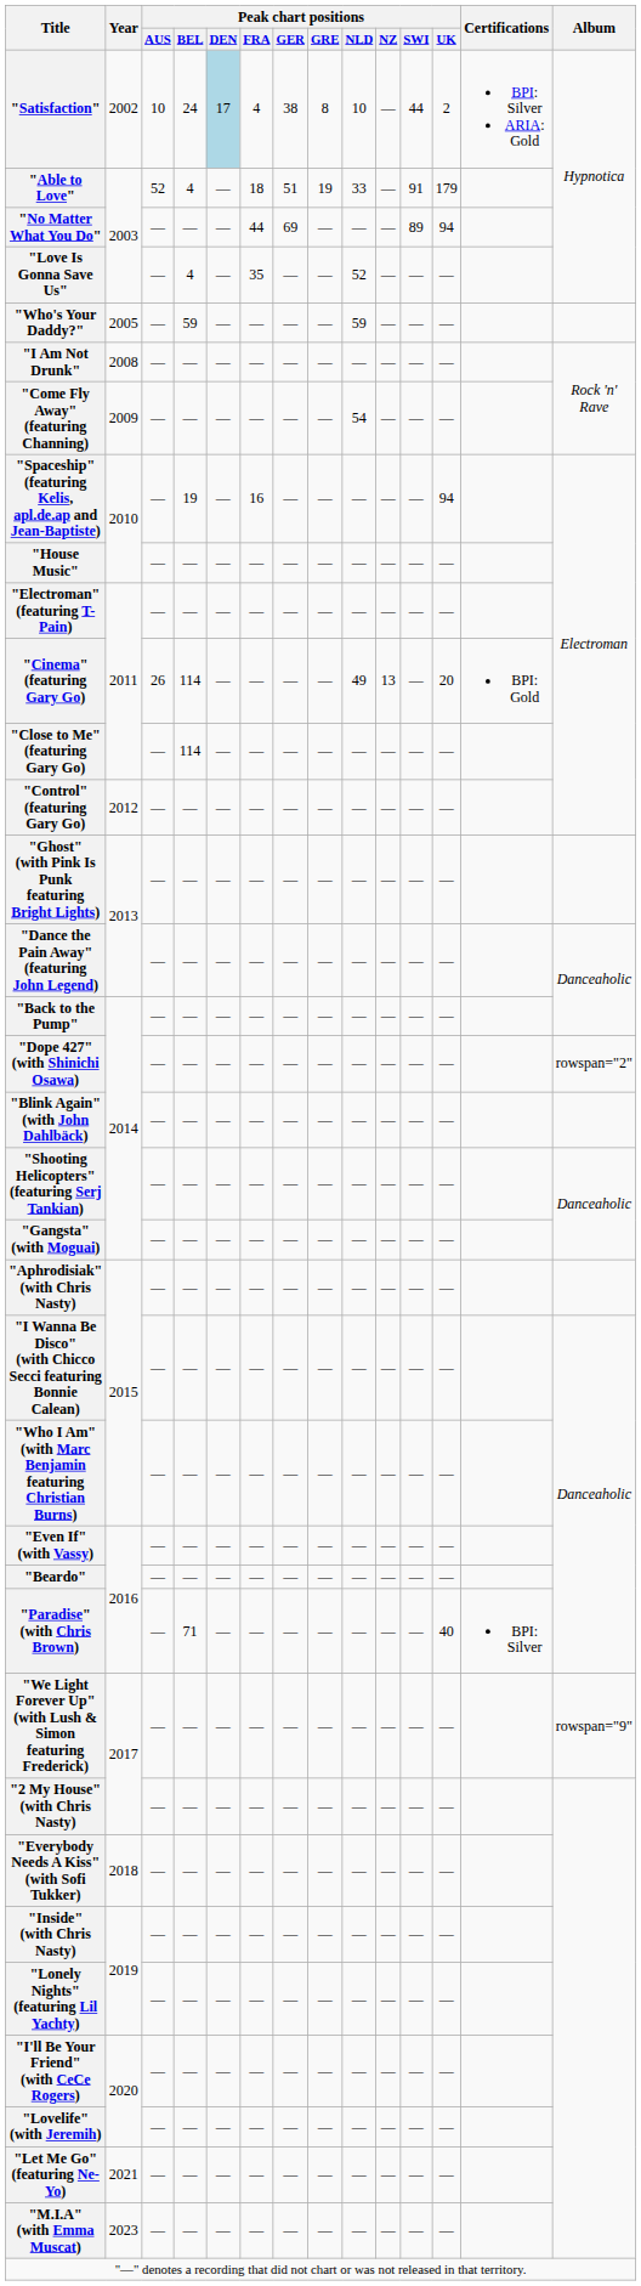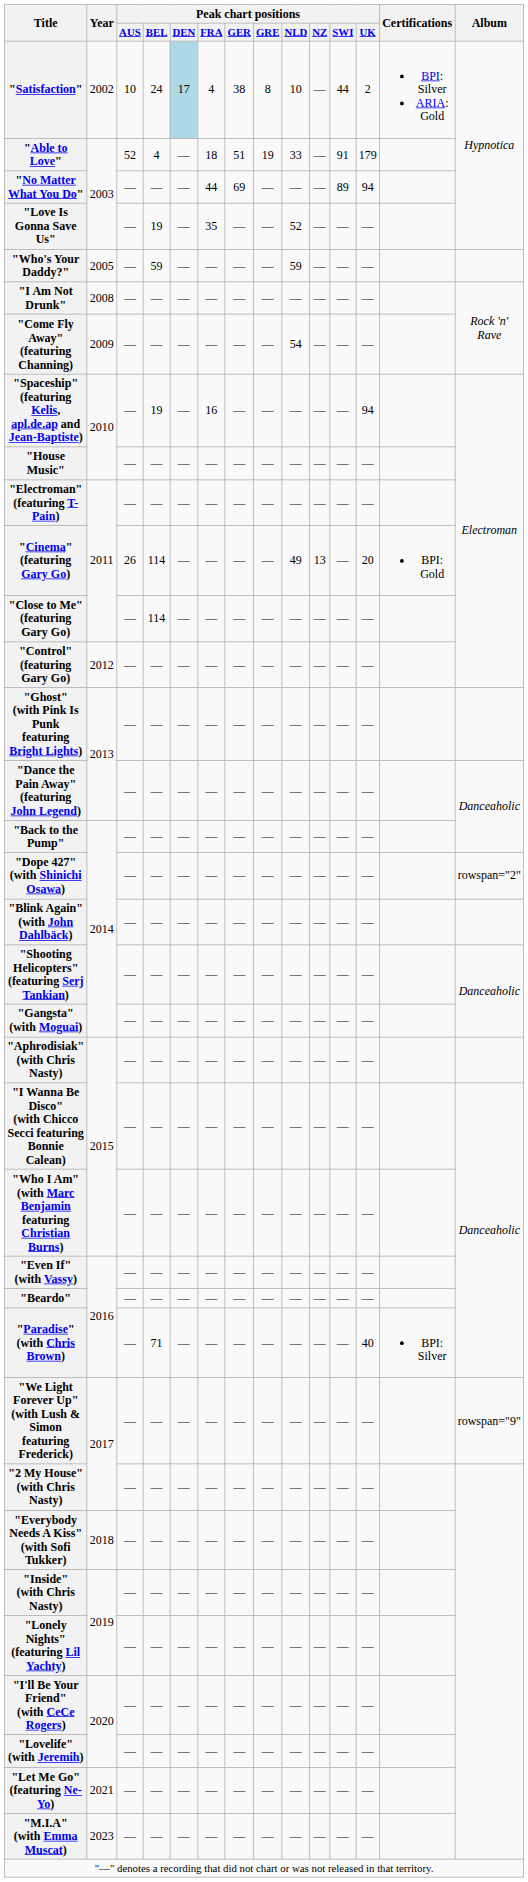 <table class="wikitable plainrowheaders" style="text-align:center;" border="1">
 <tr>
 <th scope="col" rowspan="2" style="width:20em;">Title</th>
 <th scope="col" rowspan="2" style="width:1em;">Year</th>
 <th scope="col" colspan="10">Peak chart positions</th>
 <th scope="col" rowspan="2">Certifications</th>
 <th scope="col" rowspan="2" style="width:18em;">Album</th>
 </tr>
 <tr>
 <th scope="col" style="width:2.5em;font-size:90%;"><a href='#'>AUS</a><br></th>
 <th scope="col" style="width:2.5em;font-size:90%;"><a href='#'>BEL</a><br></th>
 <th scope="col" style="width:2.5em;font-size:90%;"><a href='#'>DEN</a><br></th>
 <th scope="col" style="width:2.5em;font-size:90%;"><a href='#'>FRA</a><br></th>
 <th scope="col" style="width:2.5em;font-size:90%;"><a href='#'>GER</a><br></th>
 <th scope="col" style="width:2.5em;font-size:90%;"><a href='#'>GRE</a></th>
 <th scope="col" style="width:2.5em;font-size:90%;"><a href='#'>NLD</a><br></th>
 <th scope="col" style="width:2.5em;font-size:90%;"><a href='#'>NZ</a><br></th>
 <th scope="col" style="width:2.5em;font-size:90%;"><a href='#'>SWI</a><br></th>
 <th scope="col" style="width:2.5em;font-size:90%;"><a href='#'>UK</a><br></th>
 </tr>
 <tr>
 <th scope="row">"<a href='#'>Satisfaction</a>"</th>
 <td>2002</td>
 <td>10</td>
 <td>24</td>
 <td style="background: lightblue;">17</td>
 <td>4</td>
 <td>38</td>
 <td>8</td>
 <td>10</td>
 <td>—</td>
 <td>44</td>
 <td>2</td>
 <td><br><ul><li><a href='#'>BPI</a>: Silver</li><li><a href='#'>ARIA</a>: Gold</li></ul></td>
 <td rowspan="4"><em>Hypnotica</em></td>
 </tr>
 <tr>
 <th scope="row">"<a href='#'>Able to Love</a>"</th>
 <td rowspan="3">2003</td>
 <td>52</td>
 <td>4</td>
 <td>—</td>
 <td>18</td>
 <td>51</td>
 <td>19</td>
 <td>33</td>
 <td>—</td>
 <td>91</td>
 <td>179</td>
 <td></td>
 </tr>
 <tr>
 <th scope="row">"<a href='#'>No Matter What You Do</a>"</th>
 <td>—</td>
 <td>—</td>
 <td>—</td>
 <td>44</td>
 <td>69</td>
 <td>—</td>
 <td>—</td>
 <td>—</td>
 <td>89</td>
 <td>94</td>
 <td></td>
 </tr>
 <tr>
 <th scope="row">"Love Is Gonna Save Us"</th>
 <td>—</td>
-<td>4</td>
+<td>19</td>
 <td>—</td>
 <td>35</td>
 <td>—</td>
 <td>—</td>
 <td>52</td>
 <td>—</td>
 <td>—</td>
 <td>—</td>
 <td></td>
 </tr>
 <tr>
 <th scope="row">"Who's Your Daddy?"</th>
 <td>2005</td>
 <td>—</td>
 <td>59</td>
 <td>—</td>
 <td>—</td>
 <td>—</td>
 <td>—</td>
 <td>59</td>
 <td>—</td>
 <td>—</td>
 <td>—</td>
 <td></td>
 <td></td>
 </tr>
 <tr>
 <th scope="row">"I Am Not Drunk"</th>
 <td>2008</td>
 <td>—</td>
 <td>—</td>
 <td>—</td>
 <td>—</td>
 <td>—</td>
 <td>—</td>
 <td>—</td>
 <td>—</td>
 <td>—</td>
 <td>—</td>
 <td></td>
 <td rowspan="2"><em>Rock 'n' Rave</em></td>
 </tr>
 <tr>
 <th scope="row">"Come Fly Away" <br><span>(featuring Channing)</span></th>
 <td>2009</td>
 <td>—</td>
 <td>—</td>
 <td>—</td>
 <td>—</td>
 <td>—</td>
 <td>—</td>
 <td>54</td>
 <td>—</td>
 <td>—</td>
 <td>—</td>
 <td></td>
 </tr>
 <tr>
 <th scope="row">"Spaceship" <br><span>(featuring <a href='#'>Kelis</a>, <a href='#'>apl.de.ap</a> and <a href='#'>Jean-Baptiste</a>)</span></th>
 <td rowspan="2">2010</td>
 <td>—</td>
 <td>19</td>
 <td>—</td>
 <td>16</td>
 <td>—</td>
 <td>—</td>
 <td>—</td>
 <td>—</td>
 <td>—</td>
 <td>94</td>
 <td></td>
 <td rowspan="6"><em>Electroman</em></td>
 </tr>
 <tr>
 <th scope="row">"House Music"</th>
 <td>—</td>
 <td>—</td>
 <td>—</td>
 <td>—</td>
 <td>—</td>
 <td>—</td>
 <td>—</td>
 <td>—</td>
 <td>—</td>
 <td>—</td>
 <td></td>
 </tr>
 <tr>
 <th scope="row">"Electroman" <br><span>(featuring <a href='#'>T-Pain</a>)</span></th>
 <td rowspan="3">2011</td>
 <td>—</td>
 <td>—</td>
 <td>—</td>
 <td>—</td>
 <td>—</td>
 <td>—</td>
 <td>—</td>
 <td>—</td>
 <td>—</td>
 <td>—</td>
 <td></td>
 </tr>
 <tr>
 <th scope="row">"<a href='#'>Cinema</a>" <br><span>(featuring <a href='#'>Gary Go</a>)</span></th>
 <td>26</td>
 <td>114</td>
 <td>—</td>
 <td>—</td>
 <td>—</td>
 <td>—</td>
 <td>49</td>
 <td>13</td>
 <td>—</td>
 <td>20</td>
 <td><br><ul><li>BPI: Gold</li></ul></td>
 </tr>
 <tr>
 <th scope="row">"Close to Me" <br><span>(featuring Gary Go)</span></th>
 <td>—</td>
 <td>114</td>
 <td>—</td>
 <td>—</td>
 <td>—</td>
 <td>—</td>
 <td>—</td>
 <td>—</td>
 <td>—</td>
 <td>—</td>
 <td></td>
 </tr>
 <tr>
 <th scope="row">"Control" <br><span>(featuring Gary Go)</span></th>
 <td>2012</td>
 <td>—</td>
 <td>—</td>
 <td>—</td>
 <td>—</td>
 <td>—</td>
 <td>—</td>
 <td>—</td>
 <td>—</td>
 <td>—</td>
 <td>—</td>
 <td></td>
 </tr>
 <tr>
 <th scope="row">"Ghost" <br><span>(with Pink Is Punk featuring <a href='#'>Bright Lights</a>)</span></th>
 <td rowspan="2">2013</td>
 <td>—</td>
 <td>—</td>
 <td>—</td>
 <td>—</td>
 <td>—</td>
 <td>—</td>
 <td>—</td>
 <td>—</td>
 <td>—</td>
 <td>—</td>
 <td></td>
 <td></td>
 </tr>
 <tr>
 <th scope="row">"Dance the Pain Away" <br><span>(featuring <a href='#'>John Legend</a>)</span></th>
 <td>—</td>
 <td>—</td>
 <td>—</td>
 <td>—</td>
 <td>—</td>
 <td>—</td>
 <td>—</td>
 <td>—</td>
 <td>—</td>
 <td>—</td>
 <td></td>
 <td rowspan="2"><em>Danceaholic</em></td>
 </tr>
 <tr>
 <th scope="row">"Back to the Pump"</th>
 <td rowspan="5">2014</td>
 <td>—</td>
 <td>—</td>
 <td>—</td>
 <td>—</td>
 <td>—</td>
 <td>—</td>
 <td>—</td>
 <td>—</td>
 <td>—</td>
 <td>—</td>
 <td></td>
 </tr>
 <tr>
 <th scope="row">"Dope 427" <br><span>(with <a href='#'>Shinichi Osawa</a>)</span></th>
 <td>—</td>
 <td>—</td>
 <td>—</td>
 <td>—</td>
 <td>—</td>
 <td>—</td>
 <td>—</td>
 <td>—</td>
 <td>—</td>
 <td>—</td>
 <td></td>
 <td>rowspan="2" </td>
 </tr>
 <tr>
 <th scope="row">"Blink Again" <br><span>(with <a href='#'>John Dahlbäck</a>)</span></th>
 <td>—</td>
 <td>—</td>
 <td>—</td>
 <td>—</td>
 <td>—</td>
 <td>—</td>
 <td>—</td>
 <td>—</td>
 <td>—</td>
 <td>—</td>
 <td></td>
 </tr>
 <tr>
 <th scope="row">"Shooting Helicopters" <br><span>(featuring <a href='#'>Serj Tankian</a>)</span></th>
 <td>—</td>
 <td>—</td>
 <td>—</td>
 <td>—</td>
 <td>—</td>
 <td>—</td>
 <td>—</td>
 <td>—</td>
 <td>—</td>
 <td>—</td>
 <td></td>
 <td rowspan="2"><em>Danceaholic</em></td>
 </tr>
 <tr>
 <th scope="row">"Gangsta" <br><span>(with <a href='#'>Moguai</a>)</span></th>
 <td>—</td>
 <td>—</td>
 <td>—</td>
 <td>—</td>
 <td>—</td>
 <td>—</td>
 <td>—</td>
 <td>—</td>
 <td>—</td>
 <td>—</td>
 <td></td>
 </tr>
 <tr>
 <th scope="row">"Aphrodisiak" <br><span>(with Chris Nasty)</span></th>
 <td rowspan="3">2015</td>
 <td>—</td>
 <td>—</td>
 <td>—</td>
 <td>—</td>
 <td>—</td>
 <td>—</td>
 <td>—</td>
 <td>—</td>
 <td>—</td>
 <td>—</td>
 <td></td>
 <td></td>
 </tr>
 <tr>
 <th scope="row">"I Wanna Be Disco" <br><span>(with Chicco Secci featuring Bonnie Calean)</span></th>
 <td>—</td>
 <td>—</td>
 <td>—</td>
 <td>—</td>
 <td>—</td>
 <td>—</td>
 <td>—</td>
 <td>—</td>
 <td>—</td>
 <td>—</td>
 <td></td>
 <td rowspan="5"><em>Danceaholic</em></td>
 </tr>
 <tr>
 <th scope="row">"Who I Am" <br><span>(with <a href='#'>Marc Benjamin</a> featuring <a href='#'>Christian Burns</a>)</span></th>
 <td>—</td>
 <td>—</td>
 <td>—</td>
 <td>—</td>
 <td>—</td>
 <td>—</td>
 <td>—</td>
 <td>—</td>
 <td>—</td>
 <td>—</td>
 <td></td>
 </tr>
 <tr>
 <th scope="row">"Even If" <br><span>(with <a href='#'>Vassy</a>)</span></th>
 <td rowspan="3">2016</td>
 <td>—</td>
 <td>—</td>
 <td>—</td>
 <td>—</td>
 <td>—</td>
 <td>—</td>
 <td>—</td>
 <td>—</td>
 <td>—</td>
 <td>—</td>
 <td></td>
 </tr>
 <tr>
 <th scope="row">"Beardo"</th>
 <td>—</td>
 <td>—</td>
 <td>—</td>
 <td>—</td>
 <td>—</td>
 <td>—</td>
 <td>—</td>
 <td>—</td>
 <td>—</td>
 <td>—</td>
 <td></td>
 </tr>
 <tr>
 <th scope="row">"<a href='#'>Paradise</a>" <br><span>(with <a href='#'>Chris Brown</a>)</span></th>
 <td>—</td>
 <td>71</td>
 <td>—</td>
 <td>—</td>
 <td>—</td>
 <td>—</td>
 <td>—</td>
 <td>—</td>
 <td>—</td>
 <td>40</td>
 <td><br><ul><li>BPI: Silver</li></ul></td>
 </tr>
 <tr>
 <th scope="row">"We Light Forever Up" <br><span>(with Lush & Simon featuring Frederick)</span></th>
 <td rowspan="2">2017</td>
 <td>—</td>
 <td>—</td>
 <td>—</td>
 <td>—</td>
 <td>—</td>
 <td>—</td>
 <td>—</td>
 <td>—</td>
 <td>—</td>
 <td>—</td>
 <td></td>
 <td>rowspan="9" </td>
 </tr>
 <tr>
 <th scope="row">"2 My House" <br><span>(with Chris Nasty)</span></th>
 <td>—</td>
 <td>—</td>
 <td>—</td>
 <td>—</td>
 <td>—</td>
 <td>—</td>
 <td>—</td>
 <td>—</td>
 <td>—</td>
 <td>—</td>
 <td></td>
 </tr>
 <tr>
 <th scope="row">"Everybody Needs A Kiss" <br><span>(with Sofi Tukker)</span></th>
 <td>2018</td>
 <td>—</td>
 <td>—</td>
 <td>—</td>
 <td>—</td>
 <td>—</td>
 <td>—</td>
 <td>—</td>
 <td>—</td>
 <td>—</td>
 <td>—</td>
 <td></td>
 </tr>
 <tr>
 <th scope="row">"Inside" <br><span>(with Chris Nasty)</span></th>
 <td rowspan="2">2019</td>
 <td>—</td>
 <td>—</td>
 <td>—</td>
 <td>—</td>
 <td>—</td>
 <td>—</td>
 <td>—</td>
 <td>—</td>
 <td>—</td>
 <td>—</td>
 <td></td>
 </tr>
 <tr>
 <th scope="row">"Lonely Nights" <br><span>(featuring <a href='#'>Lil Yachty</a>)</span></th>
 <td>—</td>
 <td>—</td>
 <td>—</td>
 <td>—</td>
 <td>—</td>
 <td>—</td>
 <td>—</td>
 <td>—</td>
 <td>—</td>
 <td>—</td>
 <td></td>
 </tr>
 <tr>
 <th scope="row">"I'll Be Your Friend" <br><span>(with <a href='#'>CeCe Rogers</a>)</span></th>
 <td rowspan="2">2020</td>
 <td>—</td>
 <td>—</td>
 <td>—</td>
 <td>—</td>
 <td>—</td>
 <td>—</td>
 <td>—</td>
 <td>—</td>
 <td>—</td>
 <td>—</td>
 <td></td>
 </tr>
 <tr>
 <th scope="row">"Lovelife" <br><span>(with <a href='#'>Jeremih</a>)</span></th>
 <td>—</td>
 <td>—</td>
 <td>—</td>
 <td>—</td>
 <td>—</td>
 <td>—</td>
 <td>—</td>
 <td>—</td>
 <td>—</td>
 <td>—</td>
 <td></td>
 </tr>
 <tr>
 <th scope="row">"Let Me Go" <br><span>(featuring <a href='#'>Ne-Yo</a>)</span></th>
 <td>2021</td>
 <td>—</td>
 <td>—</td>
 <td>—</td>
 <td>—</td>
 <td>—</td>
 <td>—</td>
 <td>—</td>
 <td>—</td>
 <td>—</td>
 <td>—</td>
 <td></td>
 </tr>
 <tr>
 <th scope="row">"M.I.A"<br><span>(with <a href='#'>Emma Muscat</a>)</span></th>
 <td>2023</td>
 <td>—</td>
 <td>—</td>
 <td>—</td>
 <td>—</td>
 <td>—</td>
 <td>—</td>
 <td>—</td>
 <td>—</td>
 <td>—</td>
 <td>—</td>
 <td></td>
 </tr>
 <tr>
 <td colspan="14" style="font-size:90%">"—" denotes a recording that did not chart or was not released in that territory.</td>
 </tr>
 </table>
